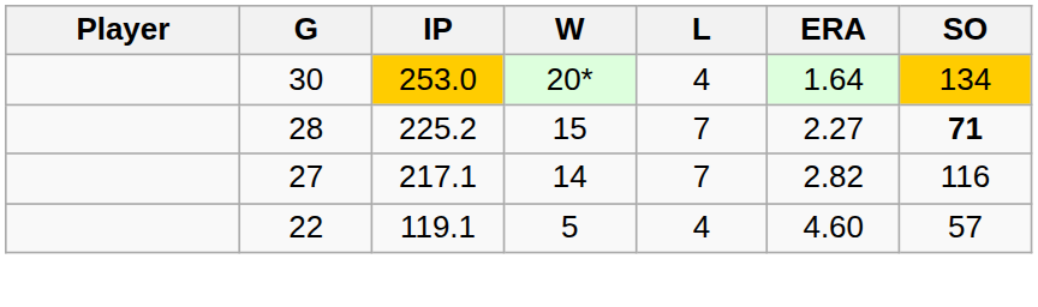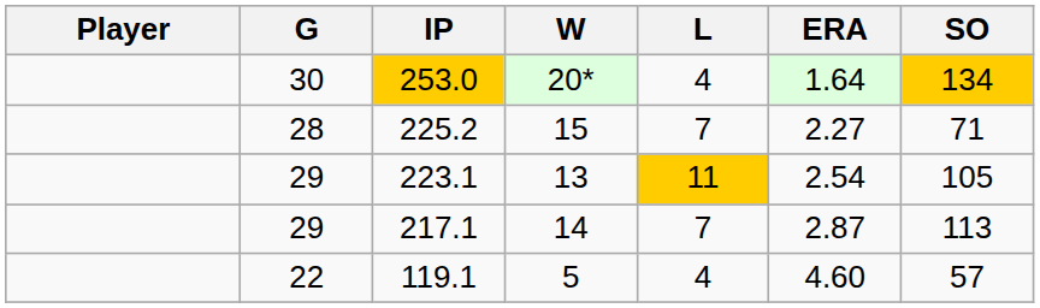 <table class="wikitable sortable">
 <tr>
 <th bgcolor="#DDDDFF" width="16%">Player</th>
 <th bgcolor="#DDDDFF" width="9%">G</th>
 <th bgcolor="#DDDDFF" width="9%">IP</th>
 <th bgcolor="#DDDDFF" width="9%">W</th>
 <th bgcolor="#DDDDFF" width="9%">L</th>
 <th bgcolor="#DDDDFF" width="9%">ERA</th>
 <th bgcolor="#DDDDFF" width="9%">SO</th>
 </tr>
 <tr align="center">
 <td></td>
 <td>30</td>
 <td style="background:#fc0;">253.0</td>
 <td style="background:#DDFFDD;">20*</td>
 <td>4</td>
 <td style="background:#DDFFDD;">1.64</td>
 <td style="background:#fc0;">134</td>
 </tr>
 <tr align="center">
 <td></td>
 <td>28</td>
 <td>225.2</td>
 <td>15</td>
 <td>7</td>
 <td>2.27</td>
-<td><strong>71</strong></td>
+<td>71</td>
+</tr>
+<tr align="center">
+<td></td>
+<td>29</td>
+<td>223.1</td>
+<td>13</td>
+<td style="background:#fc0;">11</td>
+<td>2.54</td>
+<td>105</td>
 </tr>
 <tr align=center>
 <td></td>
-<td>27</td>
+<td>29</td>
 <td>217.1</td>
 <td>14</td>
 <td>7</td>
-<td>2.82</td>
-<td>116</td>
+<td>2.87</td>
+<td>113</td>
 </tr>
 <tr align=center>
 <td></td>
 <td>22</td>
 <td>119.1</td>
 <td>5</td>
 <td>4</td>
 <td>4.60</td>
 <td>57</td>
 </tr>
 </table>
